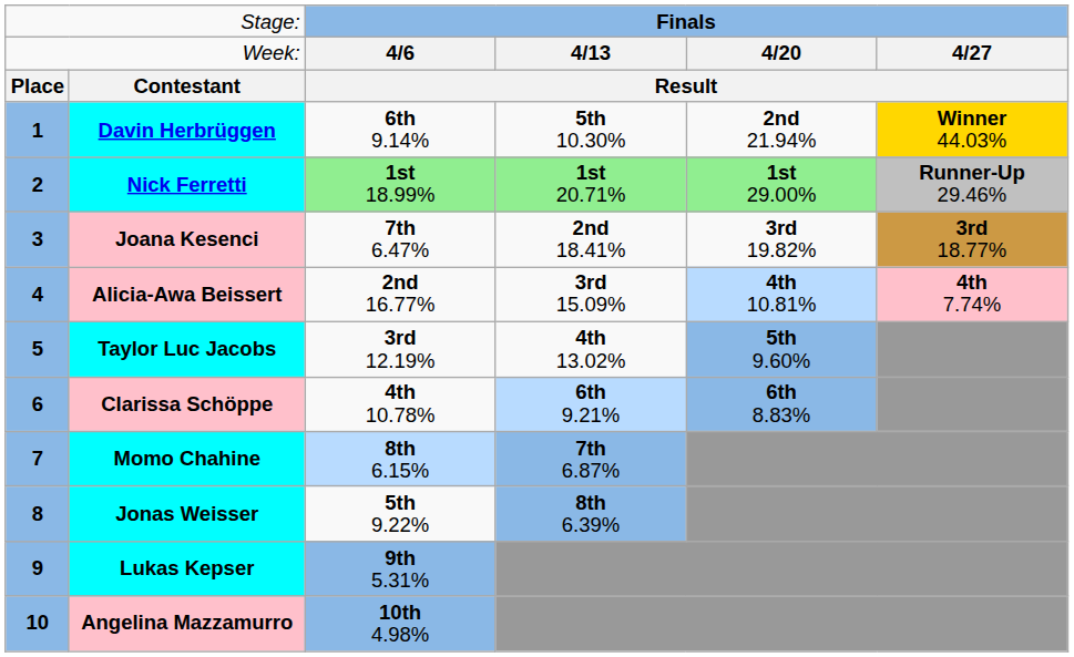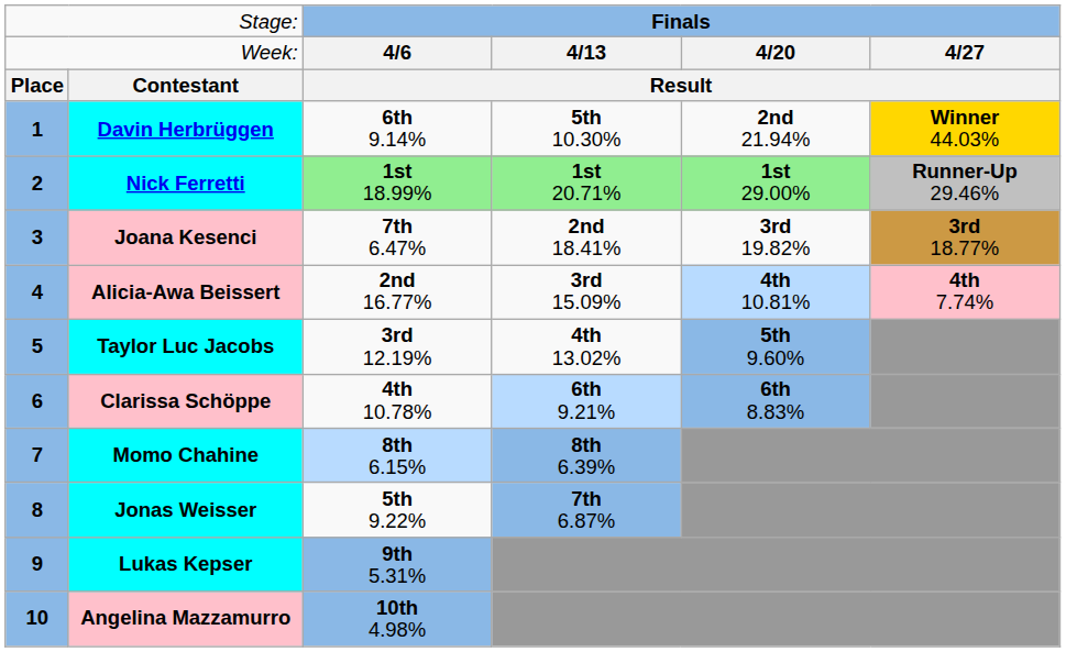 <table class="wikitable" style="text-align:center; font-size:85%; margin:1em auto;">
 <tr>
 <td colspan="2" style="text-align:right;"><em>Stage:</em></td>
 <td colspan="5" style="background:#8ab8e6;"><strong>Finals</strong></td>
 </tr>
 <tr>
 <td colspan="2" style="text-align:right;"><em>Week:</em></td>
 <th style="width:120px;">4/6</th>
 <th style="width:120px;">4/13</th>
 <th style="width:120px;">4/20</th>
 <th style="width:120px;">4/27</th>
 </tr>
 <tr>
 <th style="width:35px;">Place</th>
 <th style="width:150px;">Contestant</th>
 <th colspan="5">Result</th>
 </tr>
 <tr>
 <td style="background:#8ab8e6;"><strong>1</strong></td>
 <td style="background:cyan;"><strong><a href='#'>Davin Herbrüggen</a></strong></td>
 <td><strong>6th</strong><br>9.14%</td>
 <td><strong>5th</strong><br>10.30%</td>
 <td><strong>2nd</strong><br>21.94%</td>
 <td style="background:gold;"><strong>Winner</strong><br>44.03%</td>
 </tr>
 <tr>
 <td style="background:#8ab8e6;"><strong>2</strong></td>
 <td style="background:cyan;"><strong><a href='#'>Nick Ferretti</a></strong></td>
 <td style="background:lightgreen;"><strong>1st</strong><br>18.99%</td>
 <td style="background:lightgreen;"><strong>1st</strong><br>20.71%</td>
 <td style="background:lightgreen;"><strong>1st</strong><br>29.00%</td>
 <td style="background:silver;"><strong>Runner-Up</strong><br>29.46%</td>
 </tr>
 <tr>
 <td style="background:#8ab8e6;"><strong>3</strong></td>
 <td style="background:pink;"><strong>Joana Kesenci</strong></td>
 <td><strong>7th</strong><br>6.47%</td>
 <td><strong>2nd</strong><br>18.41%</td>
 <td><strong>3rd</strong><br>19.82%</td>
 <td style="background:#c94;"><strong>3rd</strong><br>18.77%</td>
 </tr>
 <tr>
 <td style="background:#8ab8e6;"><strong>4</strong></td>
 <td style="background:pink;"><strong>Alicia-Awa Beissert</strong></td>
 <td><strong>2nd</strong><br>16.77%</td>
 <td><strong>3rd</strong><br>15.09%</td>
 <td style="background:#b8dbff;"><strong>4th</strong><br>10.81%</td>
 <td style="background:pink;"><strong>4th</strong><br>7.74%</td>
 </tr>
 <tr>
 <td style="background:#8ab8e6;"><strong>5</strong></td>
 <td style="background:cyan;"><strong>Taylor Luc Jacobs</strong></td>
 <td><strong>3rd</strong><br>12.19%</td>
 <td><strong>4th</strong><br>13.02%</td>
 <td style="background:#8ab8e6;"><strong>5th</strong><br>9.60%</td>
 <td style="background:#999999;" colspan=1></td>
 </tr>
 <tr>
 <td style="background:#8ab8e6;"><strong>6</strong></td>
 <td style="background:pink;"><strong>Clarissa Schöppe</strong></td>
 <td><strong>4th</strong><br>10.78%</td>
 <td style="background:#b8dbff;"><strong>6th</strong><br>9.21%</td>
 <td style="background:#8ab8e6;"><strong>6th</strong><br>8.83%</td>
 <td style="background:#999999;" colspan=1></td>
 </tr>
 <tr>
 <td style="background:#8ab8e6;"><strong>7</strong></td>
 <td style="background:cyan;"><strong>Momo Chahine</strong></td>
 <td style="background:#b8dbff;"><strong>8th</strong><br>6.15%</td>
-<td style="background:#8ab8e6;"><strong>7th</strong><br>6.87%</td>
+<td style="background:#8ab8e6;"><strong>8th</strong><br>6.39%</td>
 <td style="background:#999999;" colspan=2></td>
 </tr>
 <tr>
 <td style="background:#8ab8e6;"><strong>8</strong></td>
 <td style="background:cyan;"><strong>Jonas Weisser</strong></td>
 <td><strong>5th</strong><br>9.22%</td>
-<td style="background:#8ab8e6;"><strong>8th</strong><br>6.39%</td>
+<td style="background:#8ab8e6;"><strong>7th</strong><br>6.87%</td>
 <td style="background:#999999;" colspan=2></td>
 </tr>
 <tr>
 <td style="background:#8ab8e6;"><strong>9</strong></td>
 <td style="background:cyan;"><strong>Lukas Kepser</strong></td>
 <td style="background:#8ab8e6;"><strong>9th</strong><br>5.31%</td>
 <td style="background:#999999;" colspan=3></td>
 </tr>
 <tr>
 <td style="background:#8ab8e6;"><strong>10</strong></td>
 <td style="background:pink;"><strong>Angelina Mazzamurro</strong></td>
 <td style="background:#8ab8e6;"><strong>10th</strong><br>4.98%</td>
 <td style="background:#999999;" colspan=3></td>
 </tr>
 </table>
